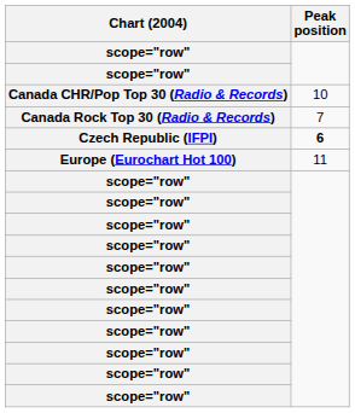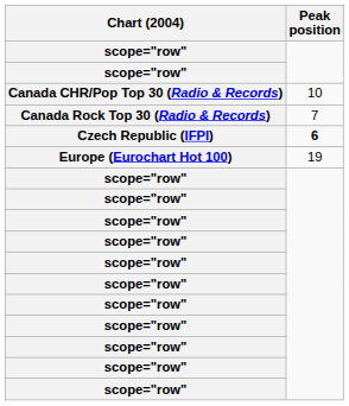 <table class="wikitable sortable plainrowheaders" style="text-align:center">
 <tr>
 <th scope="col">Chart (2004)</th>
 <th scope="col">Peak<br>position</th>
 </tr>
 <tr>
 <th>scope="row"</th>
 </tr>
 <tr>
 <th>scope="row"</th>
 </tr>
 <tr>
 <th scope="row">Canada CHR/Pop Top 30 (<em><a href='#'>Radio & Records</a></em>)</th>
 <td>10</td>
 </tr>
 <tr>
 <th scope="row">Canada Rock Top 30 (<em><a href='#'>Radio & Records</a></em>)</th>
 <td>7</td>
 </tr>
 <tr>
 <th scope="row">Czech Republic (<a href='#'>IFPI</a>)</th>
 <td><strong>6</strong></td>
 </tr>
 <tr>
 <th scope="row">Europe (<a href='#'>Eurochart Hot 100</a>)</th>
-<td>11</td>
+<td>19</td>
 </tr>
 <tr>
 <th>scope="row"</th>
 </tr>
 <tr>
 <th>scope="row"</th>
 </tr>
 <tr>
 <th>scope="row"</th>
 </tr>
 <tr>
 <th>scope="row"</th>
 </tr>
 <tr>
 <th>scope="row"</th>
 </tr>
 <tr>
 <th>scope="row"</th>
 </tr>
 <tr>
 <th>scope="row"</th>
 </tr>
 <tr>
 <th>scope="row"</th>
 </tr>
 <tr>
 <th>scope="row"</th>
 </tr>
 <tr>
 <th>scope="row"</th>
 </tr>
 <tr>
 <th>scope="row"</th>
 </tr>
 </table>
